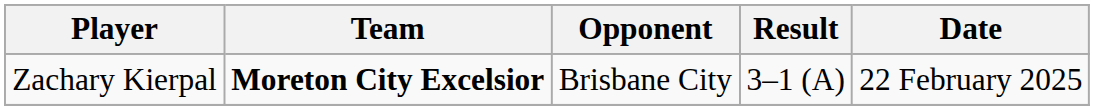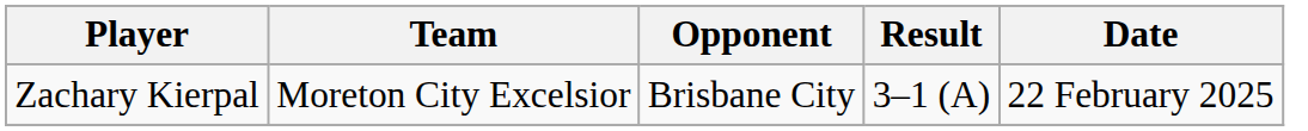 <table class="wikitable">
 <tr>
 <th>Player</th>
 <th>Team</th>
 <th>Opponent</th>
 <th>Result</th>
 <th>Date</th>
 </tr>
 <tr>
 <td>Zachary Kierpal</td>
-<td><strong>Moreton City Excelsior</strong></td>
+<td>Moreton City Excelsior</td>
 <td>Brisbane City</td>
 <td>3–1 (A)</td>
 <td>22 February 2025</td>
 </tr>
 <tr>
 </tr>
 </table>
